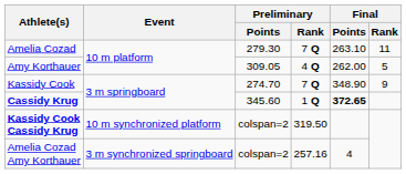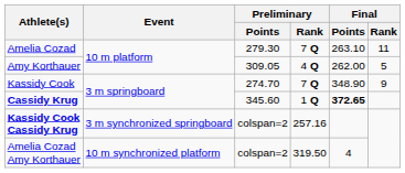 <table class=wikitable style="font-size:90%">
 <tr>
 <th rowspan="2">Athlete(s)</th>
 <th rowspan="2">Event</th>
 <th colspan="2">Preliminary</th>
 <th colspan="2">Final</th>
 </tr>
 <tr>
 <th>Points</th>
 <th>Rank</th>
 <th>Points</th>
 <th>Rank</th>
 </tr>
 <tr align=center>
 <td align=left><a href='#'>Amelia Cozad</a></td>
 <td align=left rowspan=2><a href='#'>10 m platform</a></td>
 <td>279.30</td>
 <td>7 <strong>Q</strong></td>
 <td>263.10</td>
 <td>11</td>
 </tr>
 <tr align=center>
 <td align=left><a href='#'>Amy Korthauer</a></td>
 <td>309.05</td>
 <td>4 <strong>Q</strong></td>
 <td>262.00</td>
 <td>5</td>
 </tr>
 <tr align=center>
 <td align=left><a href='#'>Kassidy Cook</a></td>
 <td align=left rowspan=2><a href='#'>3 m springboard</a></td>
 <td>274.70</td>
 <td>7 <strong>Q</strong></td>
 <td>348.90</td>
 <td>9</td>
 </tr>
 <tr align=center>
 <td align=left><strong><a href='#'>Cassidy Krug</a></strong></td>
 <td>345.60</td>
 <td>1 <strong>Q</strong></td>
 <td><strong>372.65</strong></td>
 <td></td>
 </tr>
 <tr align=center>
 <td align=left><strong><a href='#'>Kassidy Cook</a><br><a href='#'>Cassidy Krug</a></strong></td>
-<td align=left><a href='#'>10 m synchronized platform</a></td>
+<td align=left><a href='#'>3 m synchronized springboard</a></td>
 <td>colspan=2 </td>
-<td>319.50</td>
+<td>257.16</td>
 <td></td>
 </tr>
 <tr align=center>
 <td align=left><a href='#'>Amelia Cozad</a><br><a href='#'>Amy Korthauer</a></td>
-<td align=left><a href='#'>3 m synchronized springboard</a></td>
+<td align=left><a href='#'>10 m synchronized platform</a></td>
 <td>colspan=2 </td>
-<td>257.16</td>
+<td>319.50</td>
 <td>4</td>
 </tr>
 </table>
